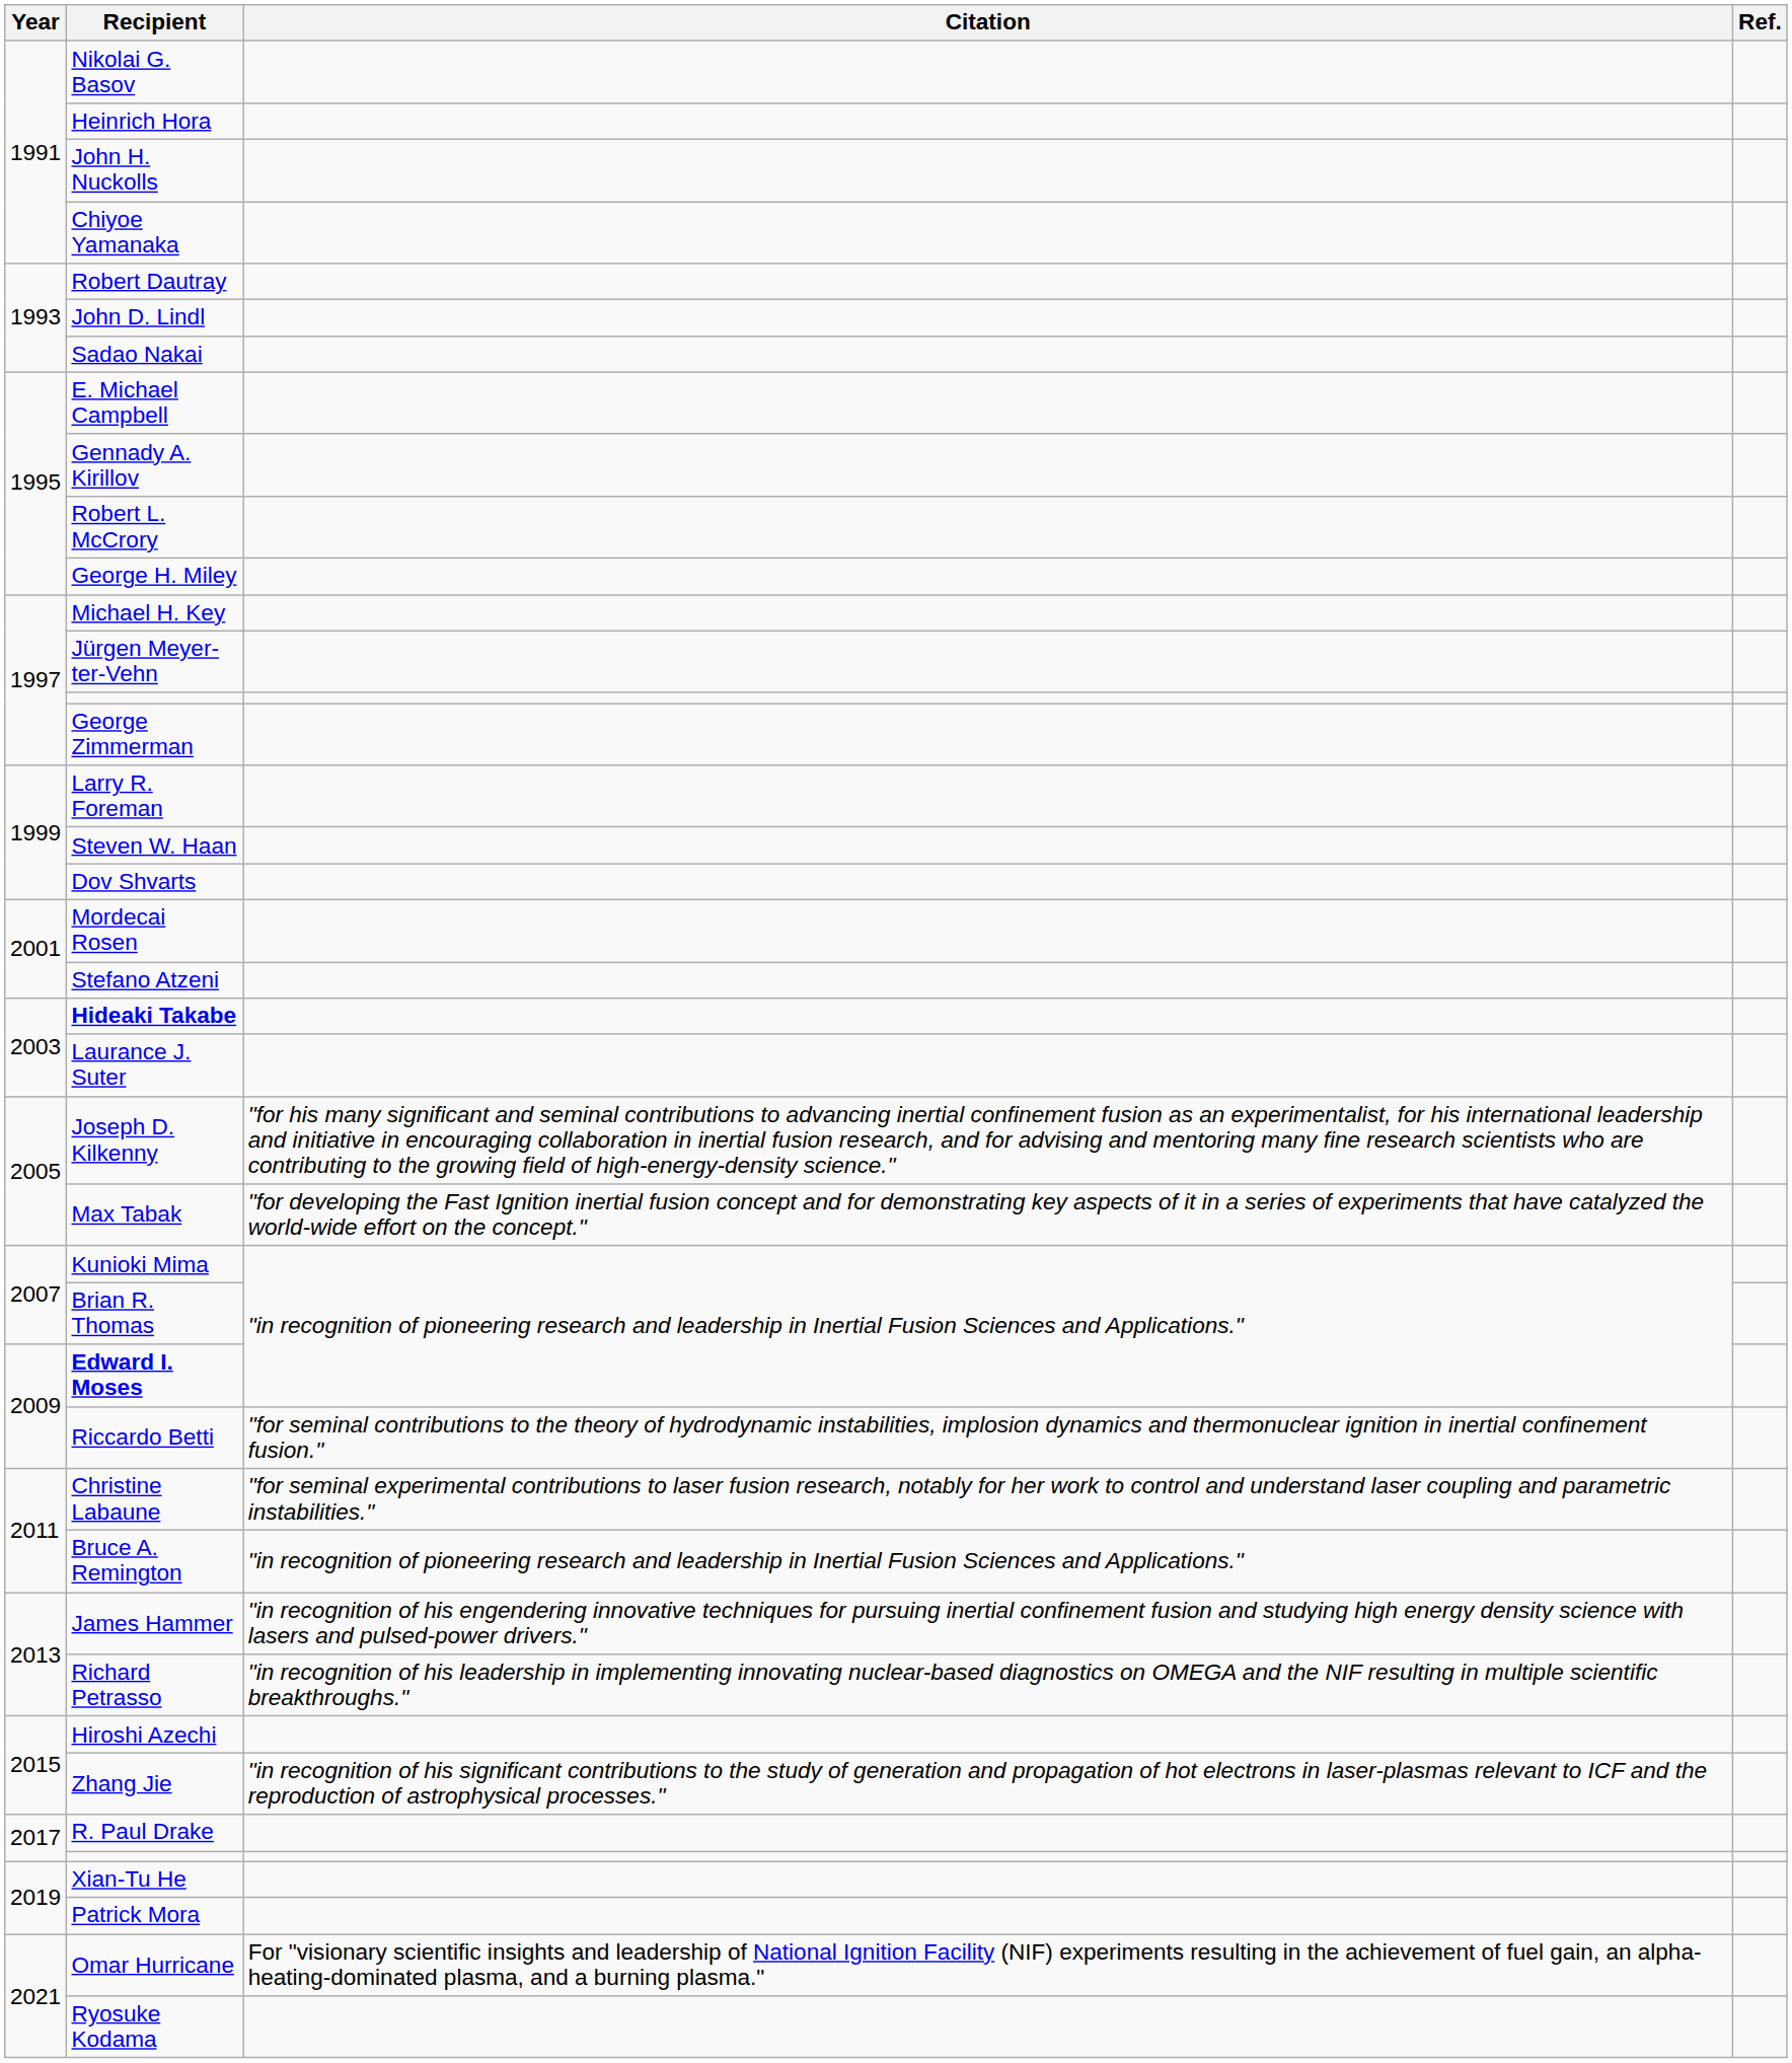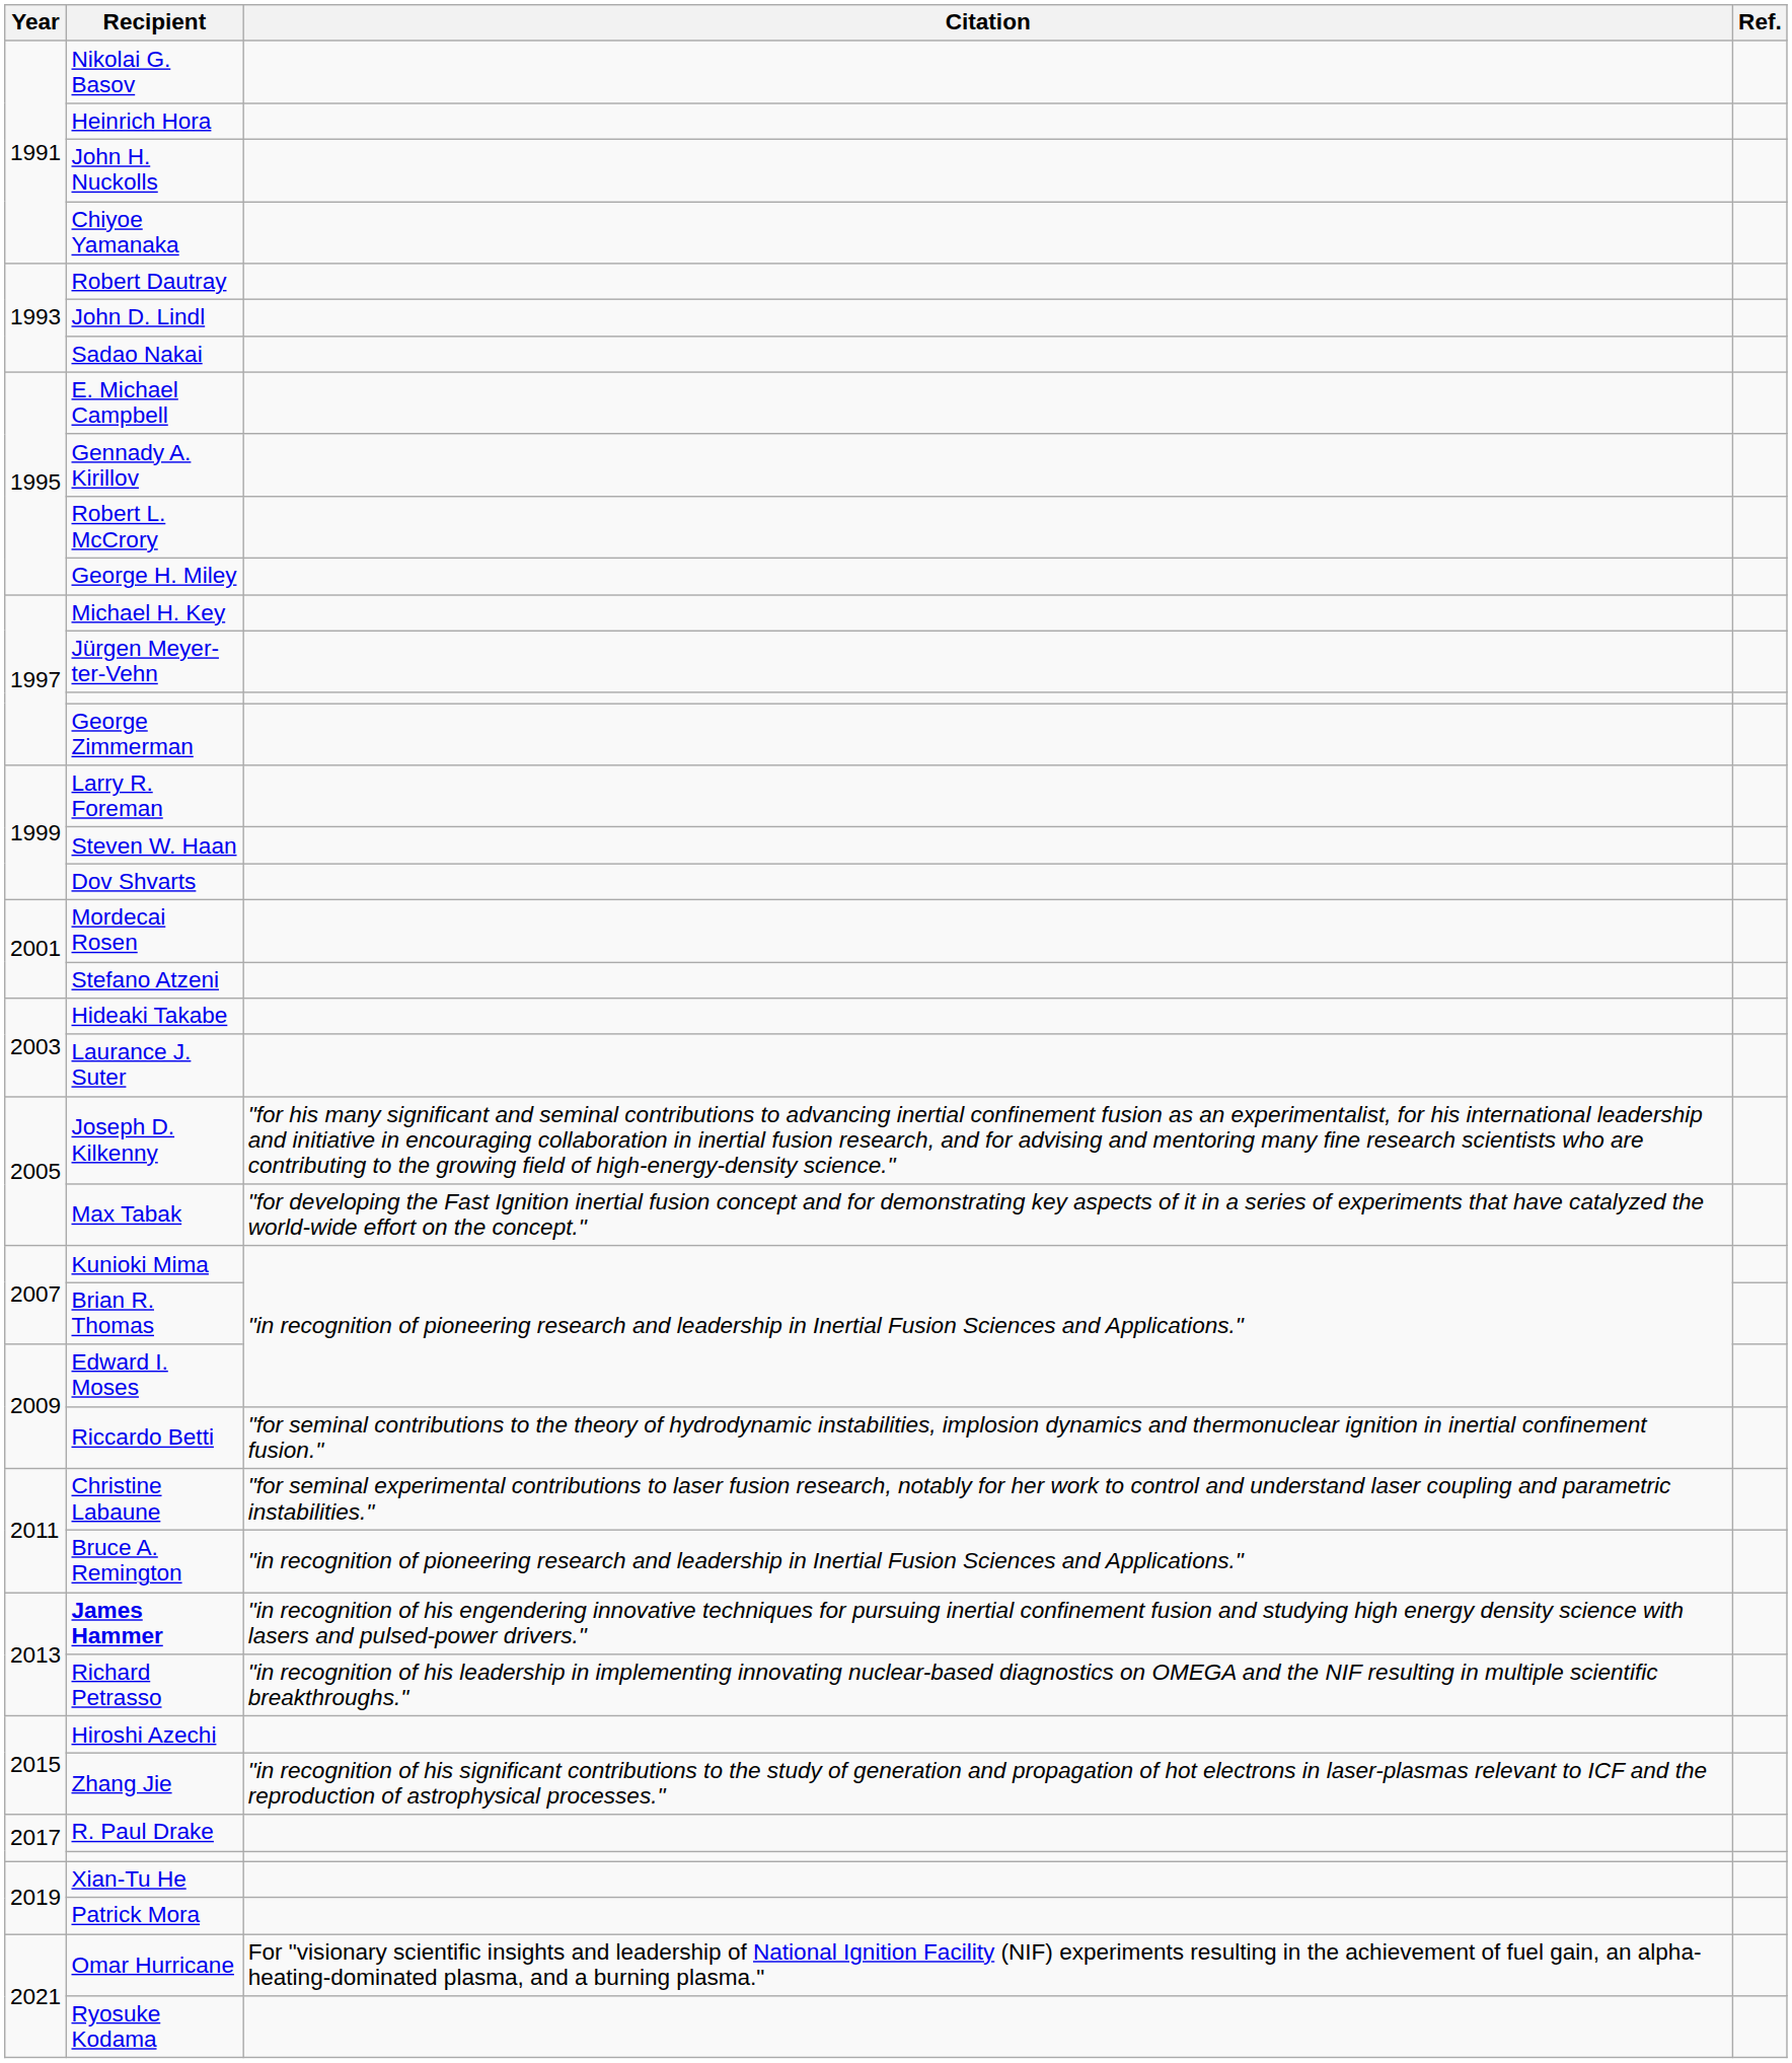 <table class="wikitable">
 <tr>
 <th>Year</th>
 <th>Recipient</th>
 <th>Citation</th>
 <th>Ref.</th>
 </tr>
 <tr>
 <td rowspan="4">1991</td>
 <td><a href='#'>Nikolai G. Basov</a></td>
 <td></td>
 <td></td>
 </tr>
 <tr>
 <td><a href='#'>Heinrich Hora</a></td>
 <td></td>
 <td></td>
 </tr>
 <tr>
 <td><a href='#'>John H. Nuckolls</a></td>
 <td></td>
 <td></td>
 </tr>
 <tr>
 <td><a href='#'>Chiyoe Yamanaka</a></td>
 <td></td>
 <td></td>
 </tr>
 <tr>
 <td rowspan="3">1993</td>
 <td><a href='#'>Robert Dautray</a></td>
 <td></td>
 <td></td>
 </tr>
 <tr>
 <td><a href='#'>John D. Lindl</a></td>
 <td></td>
 <td></td>
 </tr>
 <tr>
 <td><a href='#'>Sadao Nakai</a></td>
 <td></td>
 <td></td>
 </tr>
 <tr>
 <td rowspan="4">1995</td>
 <td><a href='#'>E. Michael Campbell</a></td>
 <td></td>
 <td></td>
 </tr>
 <tr>
 <td><a href='#'>Gennady A. Kirillov</a></td>
 <td></td>
 <td></td>
 </tr>
 <tr>
 <td><a href='#'>Robert L. McCrory</a></td>
 <td></td>
 <td></td>
 </tr>
 <tr>
 <td><a href='#'>George H. Miley</a></td>
 <td></td>
 <td></td>
 </tr>
 <tr>
 <td rowspan="4">1997</td>
 <td><a href='#'>Michael H. Key</a></td>
 <td></td>
 <td></td>
 </tr>
 <tr>
 <td><a href='#'>Jürgen Meyer-ter-Vehn</a></td>
 <td></td>
 <td></td>
 </tr>
 <tr>
 <td></td>
 <td></td>
 <td></td>
 </tr>
 <tr>
 <td><a href='#'>George Zimmerman</a></td>
 <td></td>
 <td></td>
 </tr>
 <tr>
 <td rowspan="3">1999</td>
 <td><a href='#'>Larry R. Foreman</a></td>
 <td></td>
 <td></td>
 </tr>
 <tr>
 <td><a href='#'>Steven W. Haan</a></td>
 <td></td>
 <td></td>
 </tr>
 <tr>
 <td><a href='#'>Dov Shvarts</a></td>
 <td></td>
 <td></td>
 </tr>
 <tr>
 <td rowspan="2">2001</td>
 <td><a href='#'>Mordecai Rosen</a></td>
 <td></td>
 <td></td>
 </tr>
 <tr>
 <td><a href='#'>Stefano Atzeni</a></td>
 <td></td>
 <td></td>
 </tr>
 <tr>
 <td rowspan="2">2003</td>
-<td><strong><a href='#'>Hideaki Takabe</a></strong></td>
+<td><a href='#'>Hideaki Takabe</a></td>
 <td></td>
 <td></td>
 </tr>
 <tr>
 <td><a href='#'>Laurance J. Suter</a></td>
 <td></td>
 <td></td>
 </tr>
 <tr>
 <td rowspan="2">2005</td>
 <td><a href='#'>Joseph D. Kilkenny</a></td>
 <td><em>"for his many significant and seminal contributions to advancing inertial confinement fusion as an experimentalist, for his international leadership and initiative in encouraging collaboration in inertial fusion research, and for advising and mentoring many fine research scientists who are contributing to the growing field of high-energy-density science."</em></td>
 <td></td>
 </tr>
 <tr>
 <td><a href='#'>Max Tabak</a></td>
 <td><em>"for developing the Fast Ignition inertial fusion concept and for demonstrating key aspects of it in a series of experiments that have catalyzed the world-wide effort on the concept."</em></td>
 <td></td>
 </tr>
 <tr>
 <td rowspan="2">2007</td>
 <td><a href='#'>Kunioki Mima</a></td>
 <td rowspan="3"><em>"in recognition of pioneering research and leadership in Inertial Fusion Sciences and Applications."</em></td>
 <td></td>
 </tr>
 <tr>
 <td><a href='#'>Brian R. Thomas</a></td>
 <td></td>
 </tr>
 <tr>
 <td rowspan="2">2009</td>
-<td><strong><a href='#'>Edward I. Moses</a></strong></td>
+<td><a href='#'>Edward I. Moses</a></td>
 <td></td>
 </tr>
 <tr>
 <td><a href='#'>Riccardo Betti</a></td>
 <td><em>"for seminal contributions to the theory of hydrodynamic instabilities, implosion dynamics and thermonuclear ignition in inertial confinement fusion."</em></td>
 <td></td>
 </tr>
 <tr>
 <td rowspan="2">2011</td>
 <td><a href='#'>Christine Labaune</a></td>
 <td><em>"for seminal experimental contributions to laser fusion research, notably for her work to control and understand laser coupling and parametric instabilities."</em></td>
 <td></td>
 </tr>
 <tr>
 <td><a href='#'>Bruce A. Remington</a></td>
 <td><em>"in recognition of pioneering research and leadership in Inertial Fusion Sciences and Applications."</em></td>
 <td></td>
 </tr>
 <tr>
 <td rowspan="2">2013</td>
-<td><a href='#'>James Hammer</a></td>
+<td><strong><a href='#'>James Hammer</a></strong></td>
 <td><em>"in recognition of his engendering innovative techniques for pursuing inertial confinement fusion and studying high energy density science with lasers and pulsed-power drivers."</em></td>
 <td></td>
 </tr>
 <tr>
 <td><a href='#'>Richard Petrasso</a></td>
 <td><em>"in recognition of his leadership in implementing innovating nuclear-based diagnostics on OMEGA and the NIF resulting in multiple scientific breakthroughs."</em></td>
 <td></td>
 </tr>
 <tr>
 <td rowspan="2">2015</td>
 <td><a href='#'>Hiroshi Azechi</a></td>
 <td></td>
 <td></td>
 </tr>
 <tr>
 <td><a href='#'>Zhang Jie</a></td>
 <td><em>"in recognition of his significant contributions to the study of generation and propagation of hot electrons in laser-plasmas relevant to ICF and the reproduction of astrophysical processes."</em></td>
 <td></td>
 </tr>
 <tr>
 <td rowspan="2">2017</td>
 <td><a href='#'>R. Paul Drake</a></td>
 <td></td>
 <td></td>
 </tr>
 <tr>
 <td></td>
 <td></td>
 <td></td>
 </tr>
 <tr>
 <td rowspan="2">2019</td>
 <td><a href='#'>Xian-Tu He</a></td>
 <td></td>
 <td></td>
 </tr>
 <tr>
 <td><a href='#'>Patrick Mora</a></td>
 <td></td>
 <td></td>
 </tr>
 <tr>
 <td rowspan="2">2021</td>
 <td><a href='#'>Omar Hurricane</a></td>
 <td>For "visionary scientific insights and leadership of <a href='#'>National Ignition Facility</a> (NIF) experiments resulting in the achievement of fuel gain, an alpha-heating-dominated plasma, and a burning plasma."</td>
 <td></td>
 </tr>
 <tr>
 <td><a href='#'>Ryosuke Kodama</a></td>
 <td></td>
 <td></td>
 </tr>
 </table>
